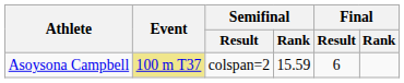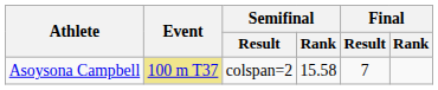 <table class="wikitable" style="font-size:90%">
 <tr>
 <th rowspan="2">Athlete</th>
 <th rowspan="2">Event</th>
 <th colspan="2">Semifinal</th>
 <th colspan="2">Final</th>
 </tr>
 <tr style="font-size:95%">
 <th>Result</th>
 <th>Rank</th>
 <th>Result</th>
 <th>Rank</th>
 </tr>
 <tr align=center>
 <td align=left><a href='#'>Asoysona Campbell</a></td>
 <td align=left style="background: khaki;"><a href='#'>100 m T37</a></td>
 <td>colspan=2 </td>
-<td>15.59</td>
-<td>6</td>
+<td>15.58</td>
+<td>7</td>
 </tr>
 </table>
